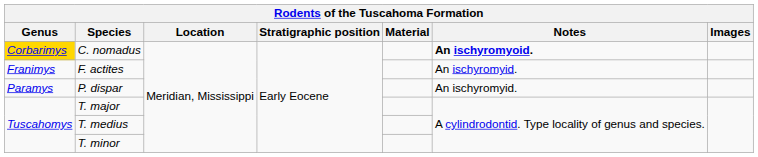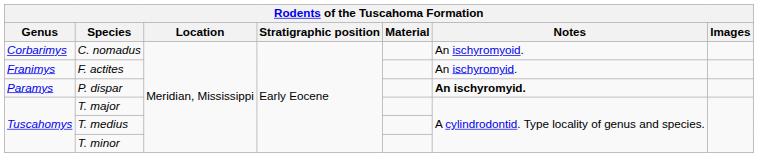 <table class="wikitable">
 <tr>
 <th colspan="7"><a href='#'>Rodents</a> of the Tuscahoma Formation</th>
 </tr>
 <tr>
 <th>Genus</th>
 <th>Species</th>
 <th>Location</th>
 <th>Stratigraphic position</th>
 <th>Material</th>
 <th>Notes</th>
 <th>Images</th>
 </tr>
 <tr>
-<td style="background: gold;"><em><a href='#'>Corbarimys</a></em></td>
+<td><em><a href='#'>Corbarimys</a></em></td>
 <td><em>C. nomadus</em></td>
 <td rowspan="6">Meridian, Mississippi</td>
 <td rowspan="6">Early Eocene</td>
 <td></td>
-<td><strong>An <a href='#'>ischyromyoid</a>.</strong></td>
+<td>An <a href='#'>ischyromyoid</a>.</td>
 <td></td>
 </tr>
 <tr>
 <td><em><a href='#'>Franimys</a></em></td>
 <td><em>F. actites</em></td>
 <td></td>
 <td>An <a href='#'>ischyromyid</a>.</td>
 <td></td>
 </tr>
 <tr>
 <td><em><a href='#'>Paramys</a></em></td>
 <td><em>P. dispar</em></td>
 <td></td>
-<td>An ischyromyid.</td>
+<td><strong>An ischyromyid.</strong></td>
 <td></td>
 </tr>
 <tr>
 <td rowspan="3"><em><a href='#'>Tuscahomys</a></em></td>
 <td><em>T. major</em></td>
 <td></td>
 <td rowspan="3">A <a href='#'>cylindrodontid</a>. Type locality of genus and species.</td>
 <td rowspan="3"></td>
 </tr>
 <tr>
 <td><em>T. medius</em></td>
 <td></td>
 </tr>
 <tr>
 <td><em>T. minor</em></td>
 <td></td>
 </tr>
 </table>
